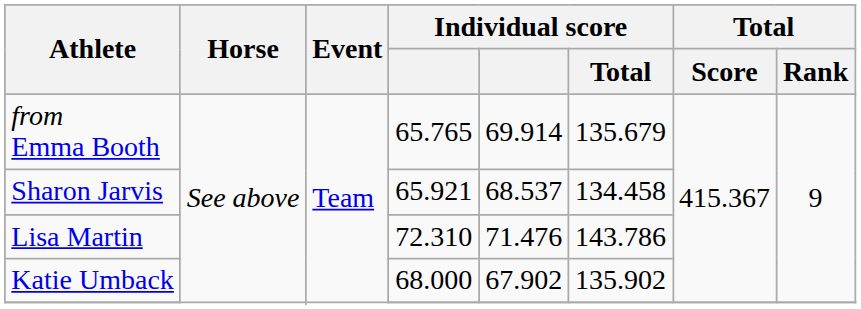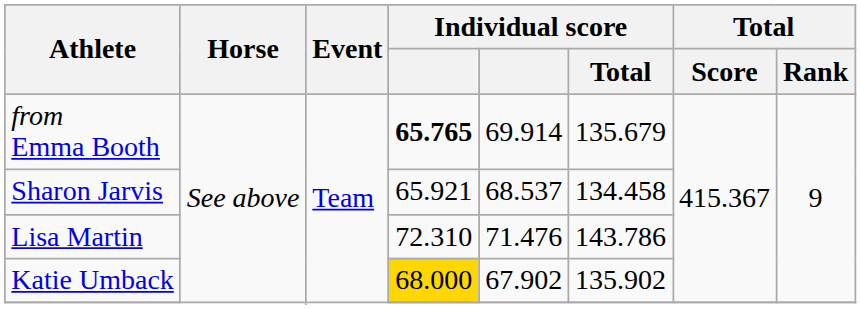 <table class=wikitable>
 <tr>
 <th rowspan="2">Athlete</th>
 <th rowspan="2">Horse</th>
 <th rowspan="2">Event</th>
 <th colspan="3">Individual score</th>
 <th colspan="2">Total</th>
 </tr>
 <tr>
 <th></th>
 <th></th>
 <th>Total</th>
 <th>Score</th>
 <th>Rank</th>
 </tr>
 <tr>
 <td><em>from</em><br><a href='#'>Emma Booth</a></td>
 <td rowspan=5><em>See above</em></td>
 <td rowspan=5><a href='#'>Team</a></td>
-<td align="center">65.765</td>
+<td align="center"><strong>65.765</strong></td>
 <td align="center">69.914</td>
 <td align="center">135.679</td>
 <td align="center" rowspan="4">415.367</td>
 <td align="center" rowspan="4">9</td>
 </tr>
 <tr>
 <td><a href='#'>Sharon Jarvis</a></td>
 <td align="center">65.921</td>
 <td align="center">68.537</td>
 <td align="center">134.458</td>
 </tr>
 <tr>
 <td><a href='#'>Lisa Martin</a></td>
 <td align="center">72.310</td>
 <td align="center">71.476</td>
 <td align="center">143.786</td>
 </tr>
 <tr>
 <td><a href='#'>Katie Umback</a></td>
-<td align="center">68.000</td>
+<td align="center" style="background: gold;">68.000</td>
 <td align="center">67.902</td>
 <td align="center">135.902</td>
 </tr>
 <tr>
 </tr>
 </table>
